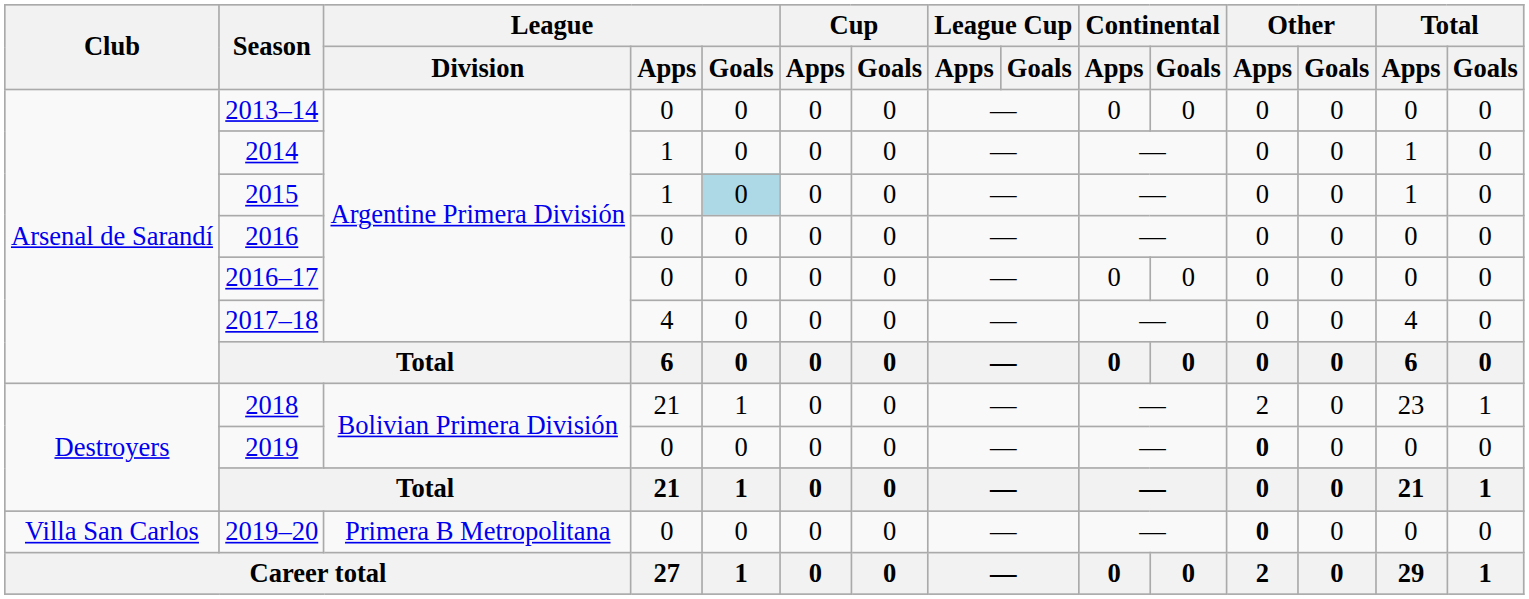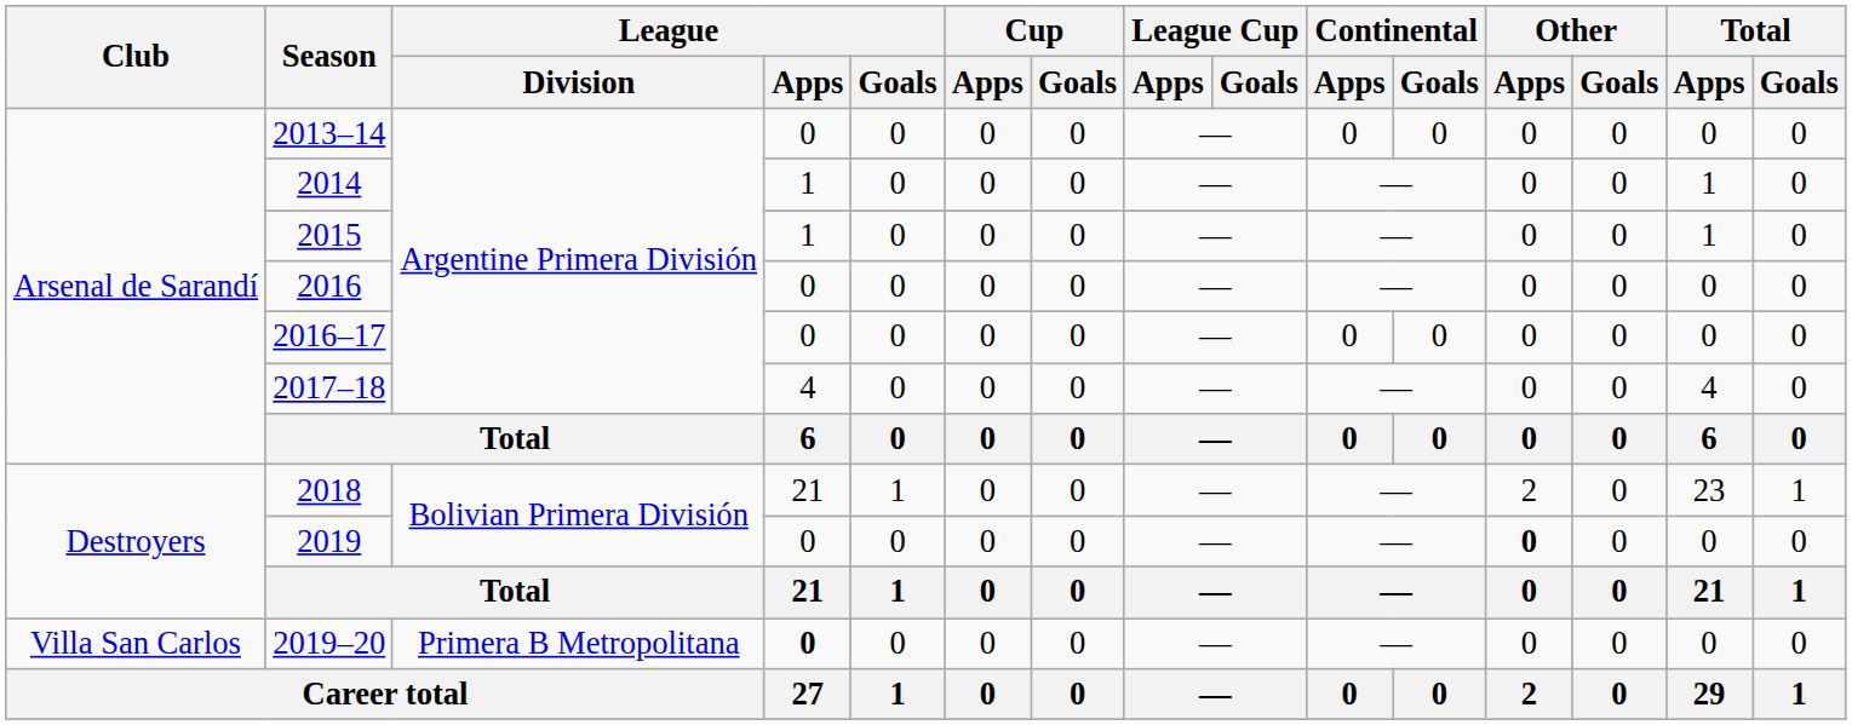 <table class="wikitable" style="text-align:center">
 <tr>
 <th rowspan="2">Club</th>
 <th rowspan="2">Season</th>
 <th colspan="3">League</th>
 <th colspan="2">Cup</th>
 <th colspan="2">League Cup</th>
 <th colspan="2">Continental</th>
 <th colspan="2">Other</th>
 <th colspan="2">Total</th>
 </tr>
 <tr>
 <th>Division</th>
 <th>Apps</th>
 <th>Goals</th>
 <th>Apps</th>
 <th>Goals</th>
 <th>Apps</th>
 <th>Goals</th>
 <th>Apps</th>
 <th>Goals</th>
 <th>Apps</th>
 <th>Goals</th>
 <th>Apps</th>
 <th>Goals</th>
 </tr>
 <tr>
 <td rowspan="7"><a href='#'>Arsenal de Sarandí</a></td>
 <td><a href='#'>2013–14</a></td>
 <td rowspan="6"><a href='#'>Argentine Primera División</a></td>
 <td>0</td>
 <td>0</td>
 <td>0</td>
 <td>0</td>
 <td colspan="2">—</td>
 <td>0</td>
 <td>0</td>
 <td>0</td>
 <td>0</td>
 <td>0</td>
 <td>0</td>
 </tr>
 <tr>
 <td><a href='#'>2014</a></td>
 <td>1</td>
 <td>0</td>
 <td>0</td>
 <td>0</td>
 <td colspan="2">—</td>
 <td colspan="2">—</td>
 <td>0</td>
 <td>0</td>
 <td>1</td>
 <td>0</td>
 </tr>
 <tr>
 <td><a href='#'>2015</a></td>
 <td>1</td>
-<td style="background: lightblue;">0</td>
+<td>0</td>
 <td>0</td>
 <td>0</td>
 <td colspan="2">—</td>
 <td colspan="2">—</td>
 <td>0</td>
 <td>0</td>
 <td>1</td>
 <td>0</td>
 </tr>
 <tr>
 <td><a href='#'>2016</a></td>
 <td>0</td>
 <td>0</td>
 <td>0</td>
 <td>0</td>
 <td colspan="2">—</td>
 <td colspan="2">—</td>
 <td>0</td>
 <td>0</td>
 <td>0</td>
 <td>0</td>
 </tr>
 <tr>
 <td><a href='#'>2016–17</a></td>
 <td>0</td>
 <td>0</td>
 <td>0</td>
 <td>0</td>
 <td colspan="2">—</td>
 <td>0</td>
 <td>0</td>
 <td>0</td>
 <td>0</td>
 <td>0</td>
 <td>0</td>
 </tr>
 <tr>
 <td><a href='#'>2017–18</a></td>
 <td>4</td>
 <td>0</td>
 <td>0</td>
 <td>0</td>
 <td colspan="2">—</td>
 <td colspan="2">—</td>
 <td>0</td>
 <td>0</td>
 <td>4</td>
 <td>0</td>
 </tr>
 <tr>
 <th colspan="2">Total</th>
 <th>6</th>
 <th>0</th>
 <th>0</th>
 <th>0</th>
 <th colspan="2">—</th>
 <th>0</th>
 <th>0</th>
 <th>0</th>
 <th>0</th>
 <th>6</th>
 <th>0</th>
 </tr>
 <tr>
 <td rowspan="3"><a href='#'>Destroyers</a></td>
 <td><a href='#'>2018</a></td>
 <td rowspan="2"><a href='#'>Bolivian Primera División</a></td>
 <td>21</td>
 <td>1</td>
 <td>0</td>
 <td>0</td>
 <td colspan="2">—</td>
 <td colspan="2">—</td>
 <td>2</td>
 <td>0</td>
 <td>23</td>
 <td>1</td>
 </tr>
 <tr>
 <td><a href='#'>2019</a></td>
 <td>0</td>
 <td>0</td>
 <td>0</td>
 <td>0</td>
 <td colspan="2">—</td>
 <td colspan="2">—</td>
 <td><strong>0</strong></td>
 <td>0</td>
 <td>0</td>
 <td>0</td>
 </tr>
 <tr>
 <th colspan="2">Total</th>
 <th>21</th>
 <th>1</th>
 <th>0</th>
 <th>0</th>
 <th colspan="2">—</th>
 <th colspan="2">—</th>
 <th>0</th>
 <th>0</th>
 <th>21</th>
 <th>1</th>
 </tr>
 <tr>
 <td rowspan="1"><a href='#'>Villa San Carlos</a></td>
 <td><a href='#'>2019–20</a></td>
 <td rowspan="1"><a href='#'>Primera B Metropolitana</a></td>
-<td>0</td>
+<td><strong>0</strong></td>
 <td>0</td>
 <td>0</td>
 <td>0</td>
 <td colspan="2">—</td>
 <td colspan="2">—</td>
-<td><strong>0</strong></td>
+<td>0</td>
 <td>0</td>
 <td>0</td>
 <td>0</td>
 </tr>
 <tr>
 <th colspan="3">Career total</th>
 <th>27</th>
 <th>1</th>
 <th>0</th>
 <th>0</th>
 <th colspan="2">—</th>
 <th>0</th>
 <th>0</th>
 <th>2</th>
 <th>0</th>
 <th>29</th>
 <th>1</th>
 </tr>
 </table>
